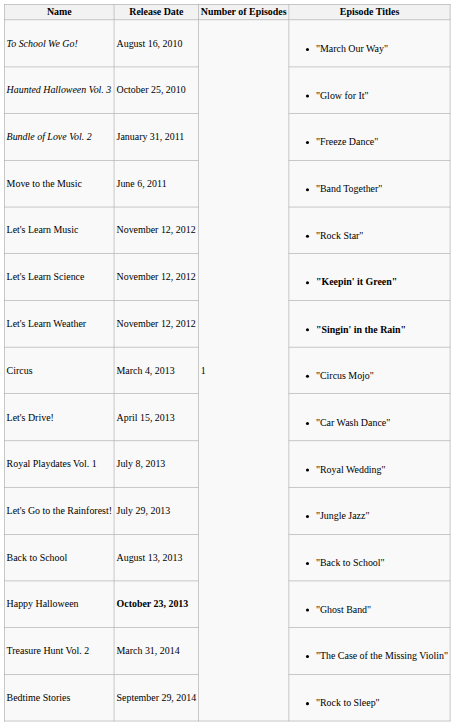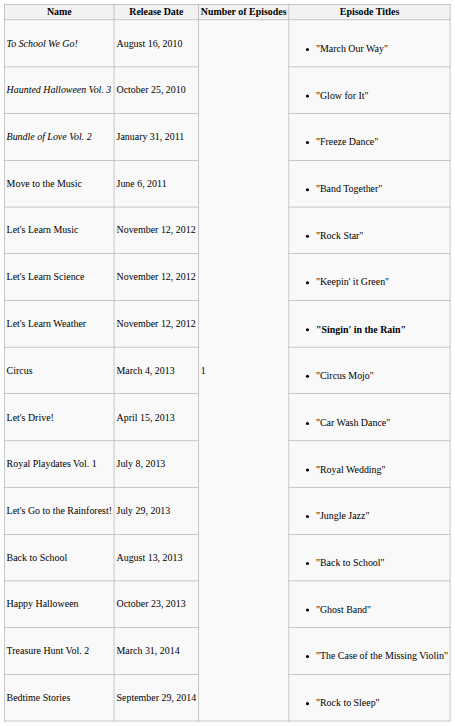 <table class="wikitable">
 <tr>
 <th>Name</th>
 <th>Release Date</th>
 <th>Number of Episodes</th>
 <th>Episode Titles</th>
 </tr>
 <tr>
 <td><em>To School We Go!</em></td>
 <td>August 16, 2010</td>
 <td rowspan="15">1</td>
 <td><br><ul><li>"March Our Way"</li></ul></td>
 </tr>
 <tr>
 <td><em>Haunted Halloween Vol. 3</em></td>
 <td>October 25, 2010</td>
 <td><br><ul><li>"Glow for It"</li></ul></td>
 </tr>
 <tr>
 <td><em>Bundle of Love Vol. 2</em></td>
 <td>January 31, 2011</td>
 <td><br><ul><li>"Freeze Dance"</li></ul></td>
 </tr>
 <tr>
 <td>Move to the Music</td>
 <td>June 6, 2011</td>
 <td><br><ul><li>"Band Together"</li></ul></td>
 </tr>
 <tr>
 <td>Let's Learn Music</td>
 <td>November 12, 2012</td>
 <td><br><ul><li>"Rock Star"</li></ul></td>
 </tr>
 <tr>
 <td>Let's Learn Science</td>
 <td>November 12, 2012</td>
-<td><strong><br><ul><li>"Keepin' it Green"</li></ul></strong></td>
+<td><br><ul><li>"Keepin' it Green"</li></ul></td>
 </tr>
 <tr>
 <td>Let's Learn Weather</td>
 <td>November 12, 2012</td>
 <td><strong><br><ul><li>"Singin' in the Rain"</li></ul></strong></td>
 </tr>
 <tr>
 <td>Circus</td>
 <td>March 4, 2013</td>
 <td><br><ul><li>"Circus Mojo"</li></ul></td>
 </tr>
 <tr>
 <td>Let's Drive!</td>
 <td>April 15, 2013</td>
 <td><br><ul><li>"Car Wash Dance"</li></ul></td>
 </tr>
 <tr>
 <td>Royal Playdates Vol. 1</td>
 <td>July 8, 2013</td>
 <td><br><ul><li>"Royal Wedding"</li></ul></td>
 </tr>
 <tr>
 <td>Let's Go to the Rainforest!</td>
 <td>July 29, 2013</td>
 <td><br><ul><li>"Jungle Jazz"</li></ul></td>
 </tr>
 <tr>
 <td>Back to School</td>
 <td>August 13, 2013</td>
 <td><br><ul><li>"Back to School"</li></ul></td>
 </tr>
 <tr>
 <td>Happy Halloween</td>
-<td><strong>October 23, 2013</strong></td>
+<td>October 23, 2013</td>
 <td><br><ul><li>"Ghost Band"</li></ul></td>
 </tr>
 <tr>
 <td>Treasure Hunt Vol. 2</td>
 <td>March 31, 2014</td>
 <td><br><ul><li>"The Case of the Missing Violin"</li></ul></td>
 </tr>
 <tr>
 <td>Bedtime Stories</td>
 <td>September 29, 2014</td>
 <td><br><ul><li>"Rock to Sleep"</li></ul></td>
 </tr>
 </table>
